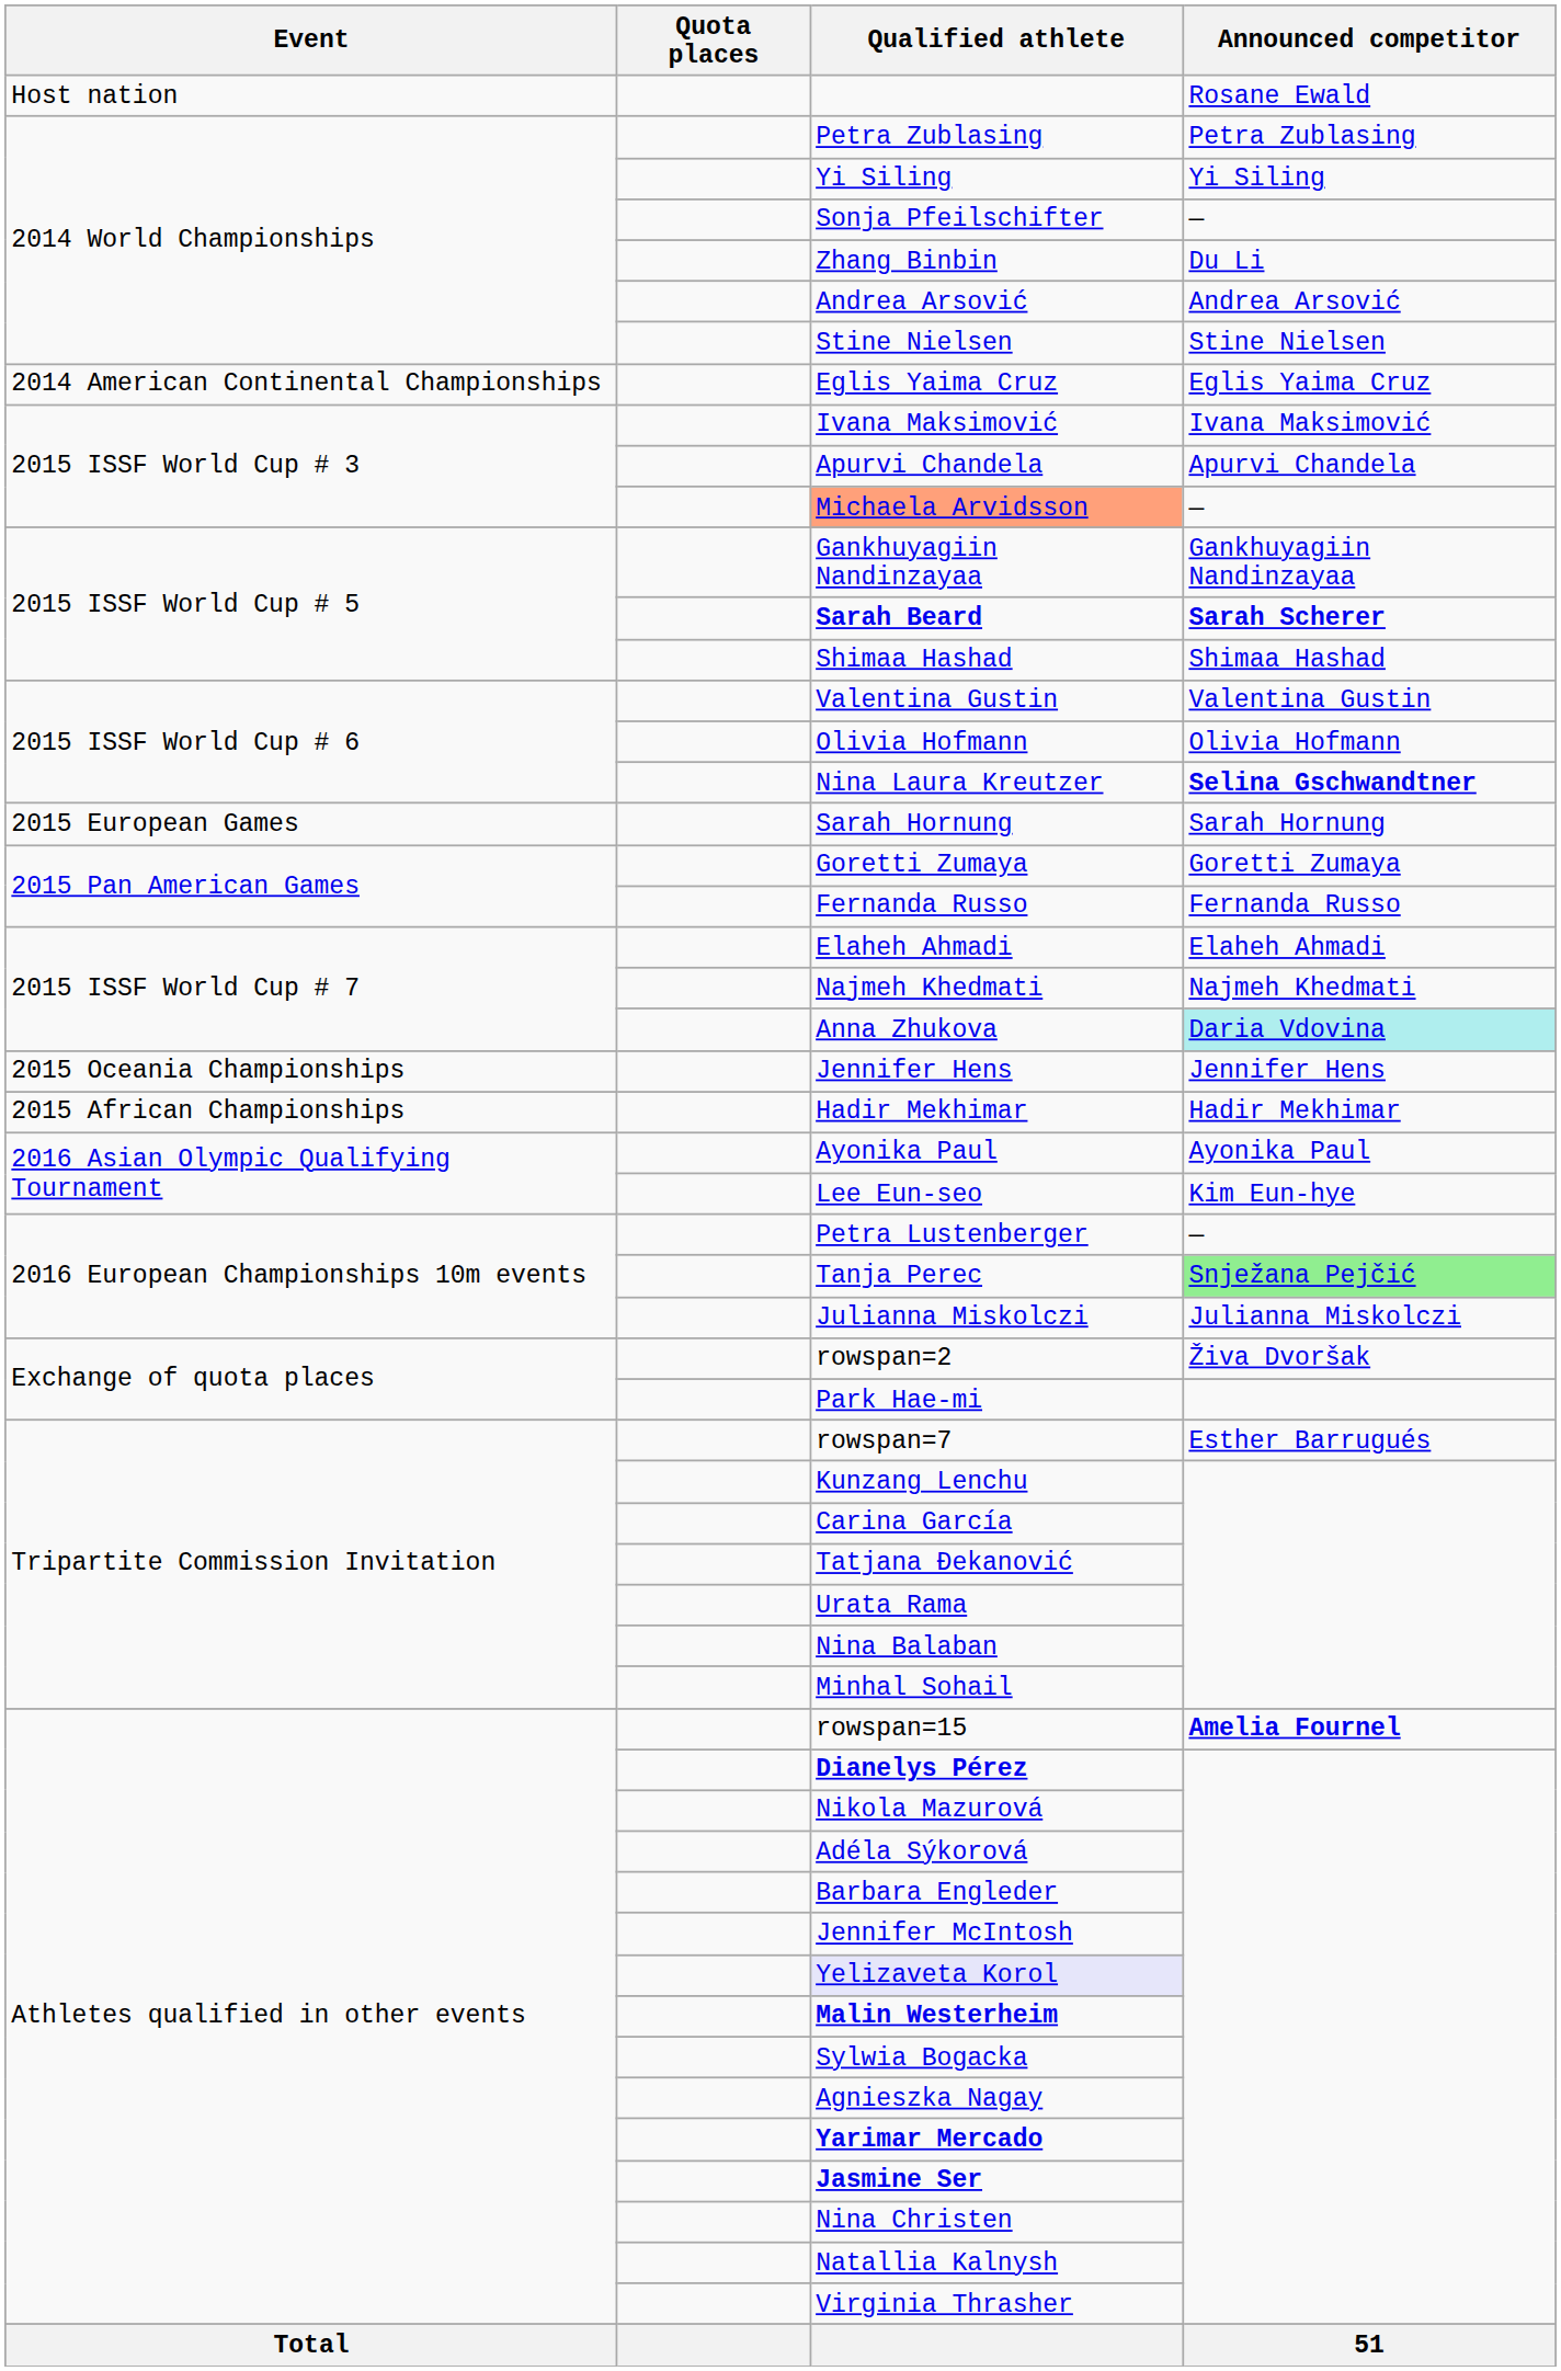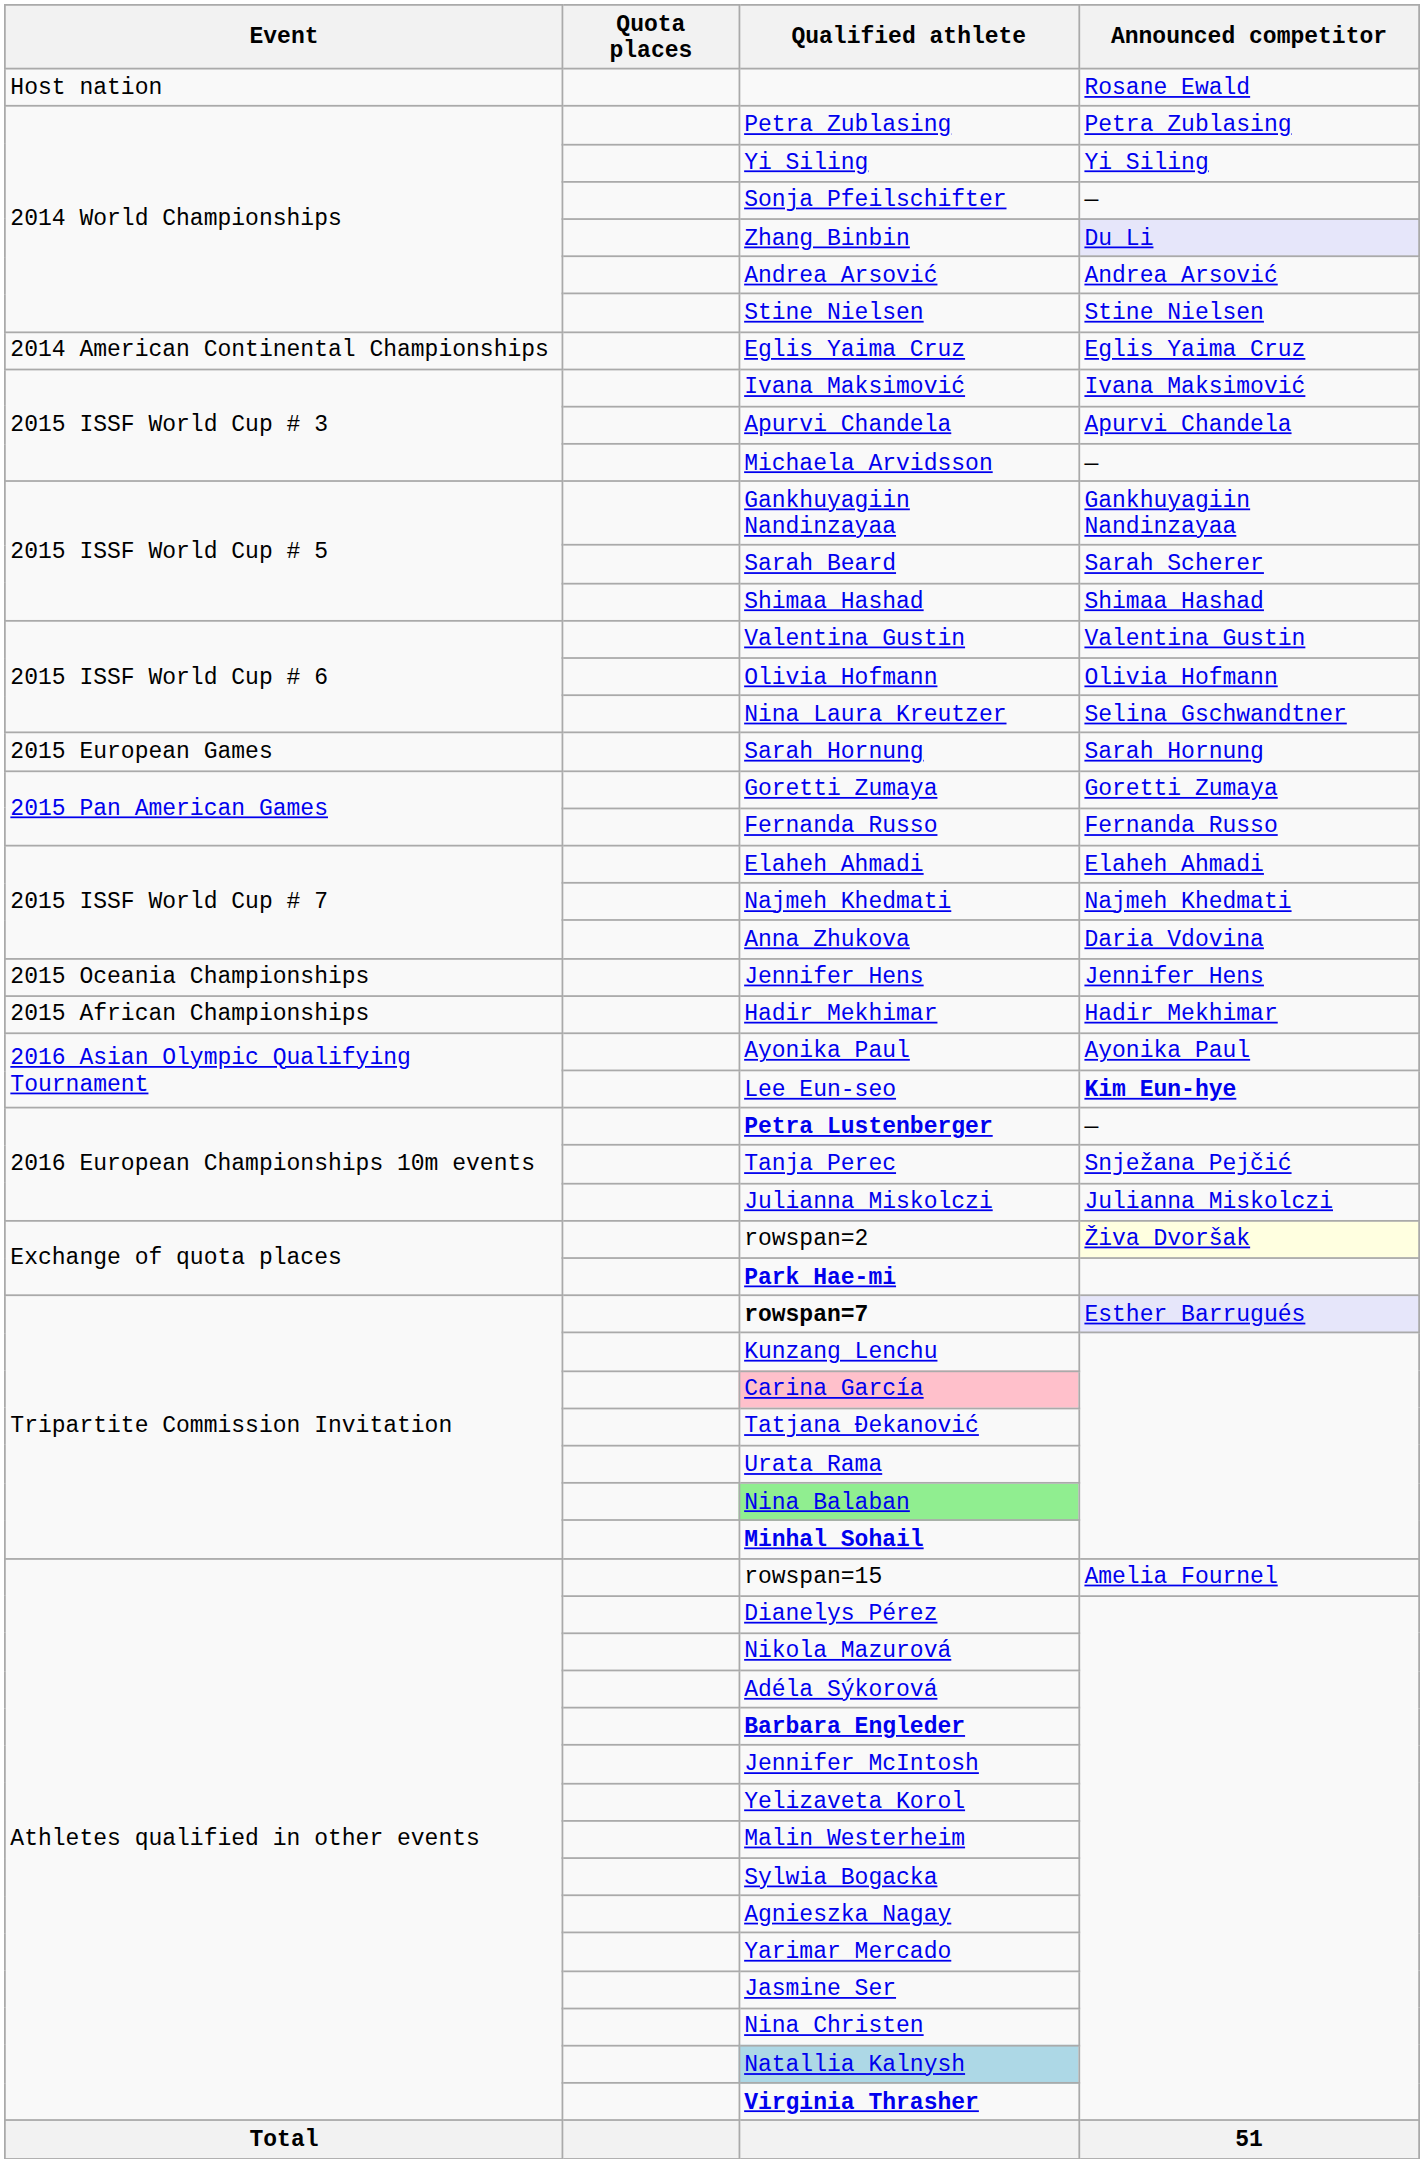 <table class=wikitable style="text-align:left" width=800>
 <tr>
 <th>Event</th>
 <th>Quota places</th>
 <th>Qualified athlete</th>
 <th>Announced competitor</th>
 </tr>
 <tr>
 <td>Host nation</td>
 <td></td>
 <td></td>
 <td><a href='#'>Rosane Ewald</a></td>
 </tr>
 <tr>
 <td rowspan="6">2014 World Championships</td>
 <td></td>
 <td><a href='#'>Petra Zublasing</a></td>
 <td><a href='#'>Petra Zublasing</a></td>
 </tr>
 <tr>
 <td></td>
 <td><a href='#'>Yi Siling</a></td>
 <td><a href='#'>Yi Siling</a></td>
 </tr>
 <tr>
 <td></td>
 <td><a href='#'>Sonja Pfeilschifter</a></td>
 <td>—</td>
 </tr>
 <tr>
 <td></td>
 <td><a href='#'>Zhang Binbin</a></td>
-<td><a href='#'>Du Li</a></td>
+<td style="background: lavender;"><a href='#'>Du Li</a></td>
 </tr>
 <tr>
 <td></td>
 <td><a href='#'>Andrea Arsović</a></td>
 <td><a href='#'>Andrea Arsović</a></td>
 </tr>
 <tr>
 <td></td>
 <td><a href='#'>Stine Nielsen</a></td>
 <td><a href='#'>Stine Nielsen</a></td>
 </tr>
 <tr>
 <td>2014 American Continental Championships</td>
 <td></td>
 <td><a href='#'>Eglis Yaima Cruz</a></td>
 <td><a href='#'>Eglis Yaima Cruz</a></td>
 </tr>
 <tr>
 <td rowspan=3>2015 ISSF World Cup # 3</td>
 <td></td>
 <td><a href='#'>Ivana Maksimović</a></td>
 <td><a href='#'>Ivana Maksimović</a></td>
 </tr>
 <tr>
 <td></td>
 <td><a href='#'>Apurvi Chandela</a></td>
 <td><a href='#'>Apurvi Chandela</a></td>
 </tr>
 <tr>
 <td></td>
-<td style="background: lightsalmon;"><a href='#'>Michaela Arvidsson</a></td>
+<td><a href='#'>Michaela Arvidsson</a></td>
 <td>—</td>
 </tr>
 <tr>
 <td rowspan="3">2015 ISSF World Cup # 5</td>
 <td></td>
 <td><a href='#'>Gankhuyagiin Nandinzayaa</a></td>
 <td><a href='#'>Gankhuyagiin Nandinzayaa</a></td>
 </tr>
 <tr>
 <td></td>
-<td><strong><a href='#'>Sarah Beard</a></strong></td>
-<td><strong><a href='#'>Sarah Scherer</a></strong></td>
+<td><a href='#'>Sarah Beard</a></td>
+<td><a href='#'>Sarah Scherer</a></td>
 </tr>
 <tr>
 <td></td>
 <td><a href='#'>Shimaa Hashad</a></td>
 <td><a href='#'>Shimaa Hashad</a></td>
 </tr>
 <tr>
 <td rowspan="3">2015 ISSF World Cup # 6</td>
 <td></td>
 <td><a href='#'>Valentina Gustin</a></td>
 <td><a href='#'>Valentina Gustin</a></td>
 </tr>
 <tr>
 <td></td>
 <td><a href='#'>Olivia Hofmann</a></td>
 <td><a href='#'>Olivia Hofmann</a></td>
 </tr>
 <tr>
 <td></td>
 <td><a href='#'>Nina Laura Kreutzer</a></td>
-<td><strong><a href='#'>Selina Gschwandtner</a></strong></td>
+<td><a href='#'>Selina Gschwandtner</a></td>
 </tr>
 <tr>
 <td rowspan="1">2015 European Games</td>
 <td></td>
 <td><a href='#'>Sarah Hornung</a></td>
 <td><a href='#'>Sarah Hornung</a></td>
 </tr>
 <tr>
 <td rowspan="2"><a href='#'>2015 Pan American Games</a></td>
 <td></td>
 <td><a href='#'>Goretti Zumaya</a></td>
 <td><a href='#'>Goretti Zumaya</a></td>
 </tr>
 <tr>
 <td></td>
 <td><a href='#'>Fernanda Russo</a></td>
 <td><a href='#'>Fernanda Russo</a></td>
 </tr>
 <tr>
 <td rowspan="3">2015 ISSF World Cup # 7</td>
 <td></td>
 <td><a href='#'>Elaheh Ahmadi</a></td>
 <td><a href='#'>Elaheh Ahmadi</a></td>
 </tr>
 <tr>
 <td></td>
 <td><a href='#'>Najmeh Khedmati</a></td>
 <td><a href='#'>Najmeh Khedmati</a></td>
 </tr>
 <tr>
 <td></td>
 <td><a href='#'>Anna Zhukova</a></td>
-<td style="background: paleturquoise;"><a href='#'>Daria Vdovina</a></td>
+<td><a href='#'>Daria Vdovina</a></td>
 </tr>
 <tr>
 <td rowspan="1">2015 Oceania Championships</td>
 <td></td>
 <td><a href='#'>Jennifer Hens</a></td>
 <td><a href='#'>Jennifer Hens</a></td>
 </tr>
 <tr>
 <td rowspan="1">2015 African Championships</td>
 <td></td>
 <td><a href='#'>Hadir Mekhimar</a></td>
 <td><a href='#'>Hadir Mekhimar</a></td>
 </tr>
 <tr>
 <td rowspan="2"><a href='#'>2016 Asian Olympic Qualifying Tournament</a></td>
 <td></td>
 <td><a href='#'>Ayonika Paul</a></td>
 <td><a href='#'>Ayonika Paul</a></td>
 </tr>
 <tr>
 <td></td>
 <td><a href='#'>Lee Eun-seo</a></td>
-<td><a href='#'>Kim Eun-hye</a></td>
+<td><strong><a href='#'>Kim Eun-hye</a></strong></td>
 </tr>
 <tr>
 <td rowspan="3">2016 European Championships 10m events</td>
 <td></td>
-<td><a href='#'>Petra Lustenberger</a></td>
+<td><strong><a href='#'>Petra Lustenberger</a></strong></td>
 <td>—</td>
 </tr>
 <tr>
 <td></td>
 <td><a href='#'>Tanja Perec</a></td>
-<td style="background: lightgreen;"><a href='#'>Snježana Pejčić</a></td>
+<td><a href='#'>Snježana Pejčić</a></td>
 </tr>
 <tr>
 <td></td>
 <td><a href='#'>Julianna Miskolczi</a></td>
 <td><a href='#'>Julianna Miskolczi</a></td>
 </tr>
 <tr>
 <td rowspan=2>Exchange of quota places</td>
 <td></td>
 <td>rowspan=2 </td>
-<td><a href='#'>Živa Dvoršak</a></td>
+<td style="background: lightyellow;"><a href='#'>Živa Dvoršak</a></td>
 </tr>
 <tr>
 <td></td>
-<td><a href='#'>Park Hae-mi</a></td>
+<td><strong><a href='#'>Park Hae-mi</a></strong></td>
 </tr>
 <tr>
 <td rowspan=7>Tripartite Commission Invitation</td>
 <td></td>
-<td>rowspan=7 </td>
-<td><a href='#'>Esther Barrugués</a></td>
+<td><strong>rowspan=7 </strong></td>
+<td style="background: lavender;"><a href='#'>Esther Barrugués</a></td>
 </tr>
 <tr>
 <td></td>
 <td><a href='#'>Kunzang Lenchu</a></td>
 </tr>
 <tr>
 <td></td>
-<td><a href='#'>Carina García</a></td>
+<td style="background: pink;"><a href='#'>Carina García</a></td>
 </tr>
 <tr>
 <td></td>
 <td><a href='#'>Tatjana Đekanović</a></td>
 </tr>
 <tr>
 <td></td>
 <td><a href='#'>Urata Rama</a></td>
 </tr>
 <tr>
 <td></td>
-<td><a href='#'>Nina Balaban</a></td>
+<td style="background: lightgreen;"><a href='#'>Nina Balaban</a></td>
 </tr>
 <tr>
 <td></td>
-<td><a href='#'>Minhal Sohail</a></td>
+<td><strong><a href='#'>Minhal Sohail</a></strong></td>
 </tr>
 <tr>
 <td rowspan=15>Athletes qualified in other events</td>
 <td></td>
 <td>rowspan=15 </td>
-<td><strong><a href='#'>Amelia Fournel</a></strong></td>
+<td><a href='#'>Amelia Fournel</a></td>
 </tr>
 <tr>
 <td></td>
-<td><strong><a href='#'>Dianelys Pérez</a></strong></td>
+<td><a href='#'>Dianelys Pérez</a></td>
 </tr>
 <tr>
 <td></td>
 <td><a href='#'>Nikola Mazurová</a></td>
 </tr>
 <tr>
 <td></td>
 <td><a href='#'>Adéla Sýkorová</a></td>
 </tr>
 <tr>
 <td></td>
-<td><a href='#'>Barbara Engleder</a></td>
+<td><strong><a href='#'>Barbara Engleder</a></strong></td>
 </tr>
 <tr>
 <td></td>
 <td><a href='#'>Jennifer McIntosh</a></td>
 </tr>
 <tr>
 <td></td>
-<td style="background: lavender;"><a href='#'>Yelizaveta Korol</a></td>
+<td><a href='#'>Yelizaveta Korol</a></td>
 </tr>
 <tr>
 <td></td>
-<td><strong><a href='#'>Malin Westerheim</a></strong></td>
+<td><a href='#'>Malin Westerheim</a></td>
 </tr>
 <tr>
 <td></td>
 <td><a href='#'>Sylwia Bogacka</a></td>
 </tr>
 <tr>
 <td></td>
 <td><a href='#'>Agnieszka Nagay</a></td>
 </tr>
 <tr>
 <td></td>
-<td><strong><a href='#'>Yarimar Mercado</a></strong></td>
+<td><a href='#'>Yarimar Mercado</a></td>
 </tr>
 <tr>
 <td></td>
-<td><strong><a href='#'>Jasmine Ser</a></strong></td>
+<td><a href='#'>Jasmine Ser</a></td>
 </tr>
 <tr>
 <td></td>
 <td><a href='#'>Nina Christen</a></td>
 </tr>
 <tr>
 <td></td>
-<td><a href='#'>Natallia Kalnysh</a></td>
+<td style="background: lightblue;"><a href='#'>Natallia Kalnysh</a></td>
 </tr>
 <tr>
 <td></td>
-<td><a href='#'>Virginia Thrasher</a></td>
+<td><strong><a href='#'>Virginia Thrasher</a></strong></td>
 </tr>
 <tr>
 <th>Total</th>
 <th></th>
 <th></th>
 <th>51</th>
 </tr>
 </table>
